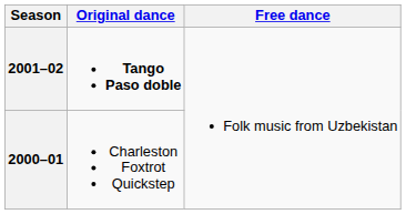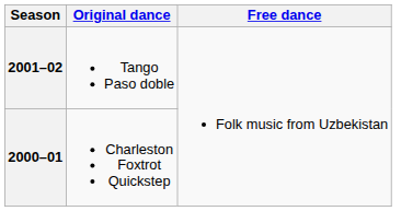 <table class=wikitable style=text-align:center>
 <tr>
 <th>Season</th>
 <th><a href='#'>Original dance</a></th>
 <th><a href='#'>Free dance</a></th>
 </tr>
 <tr>
 <th>2001–02 <br> </th>
-<td><strong><br><ul><li>Tango</li><li>Paso doble</li></ul></strong></td>
+<td><br><ul><li>Tango</li><li>Paso doble</li></ul></td>
 <td rowspan=2><br><ul><li>Folk music from Uzbekistan</li></ul></td>
 </tr>
 <tr>
 <th>2000–01 <br> </th>
 <td><br><ul><li>Charleston</li><li>Foxtrot</li><li>Quickstep</li></ul></td>
 </tr>
 </table>
